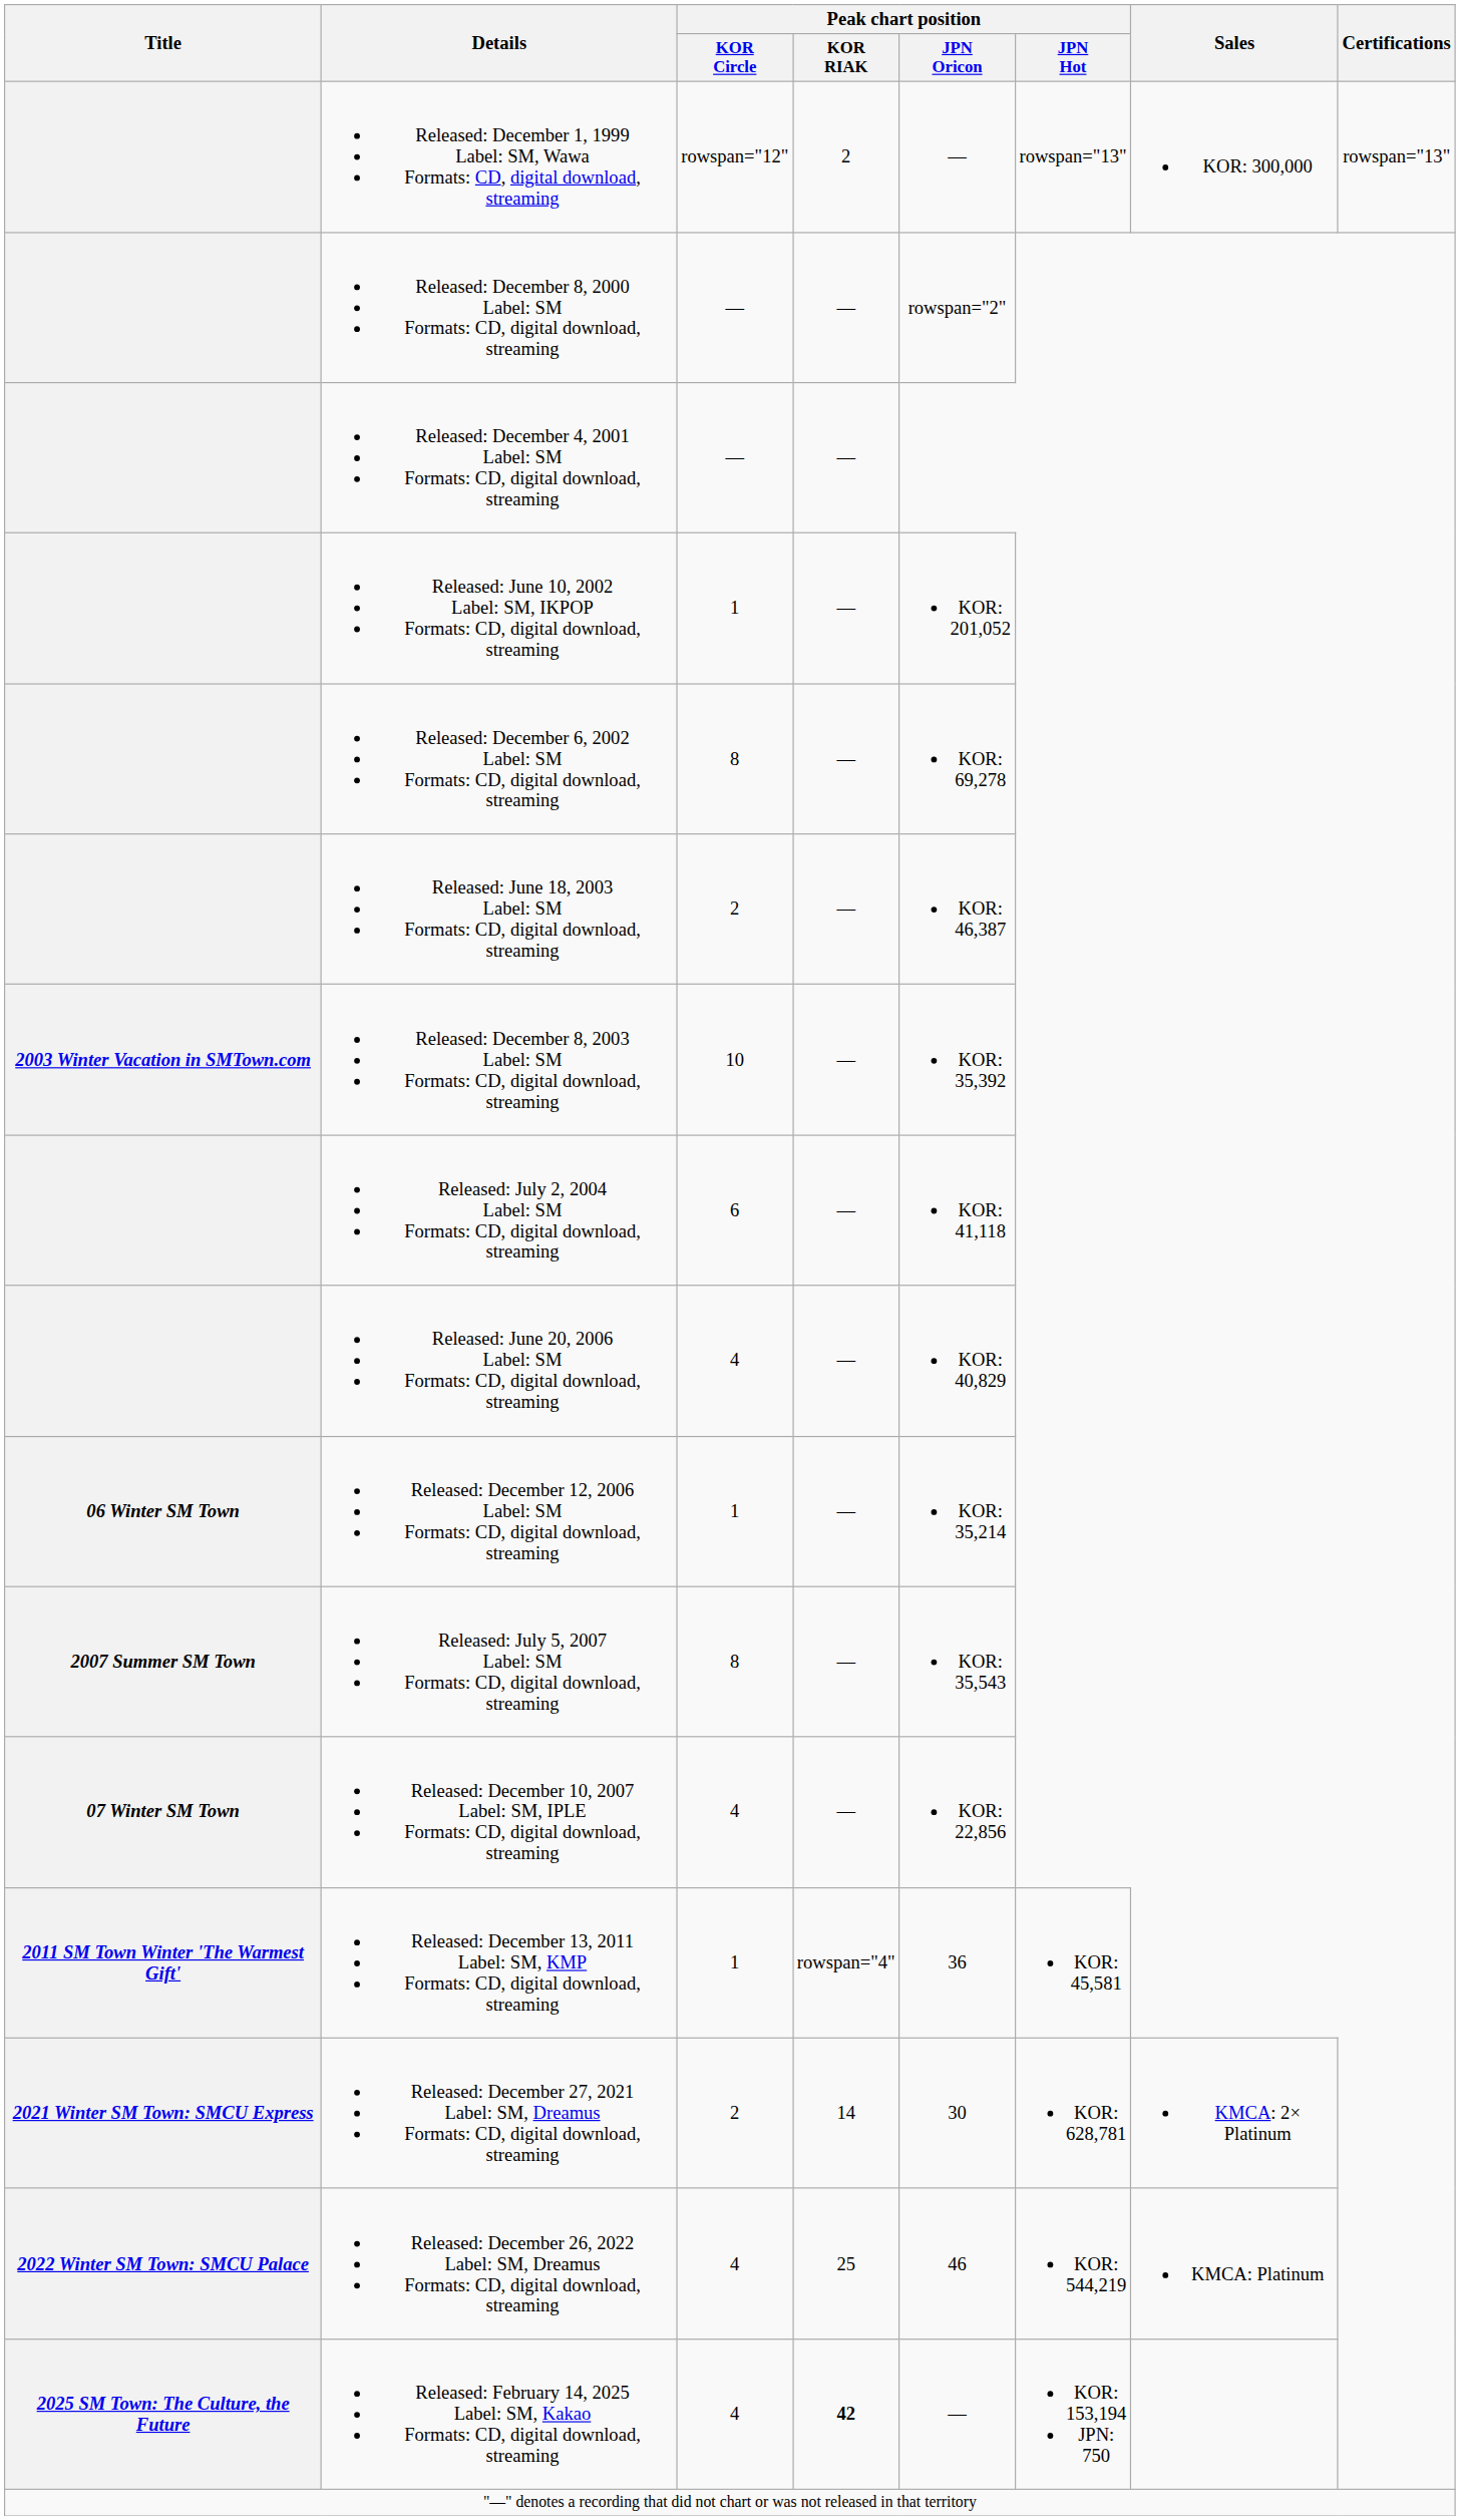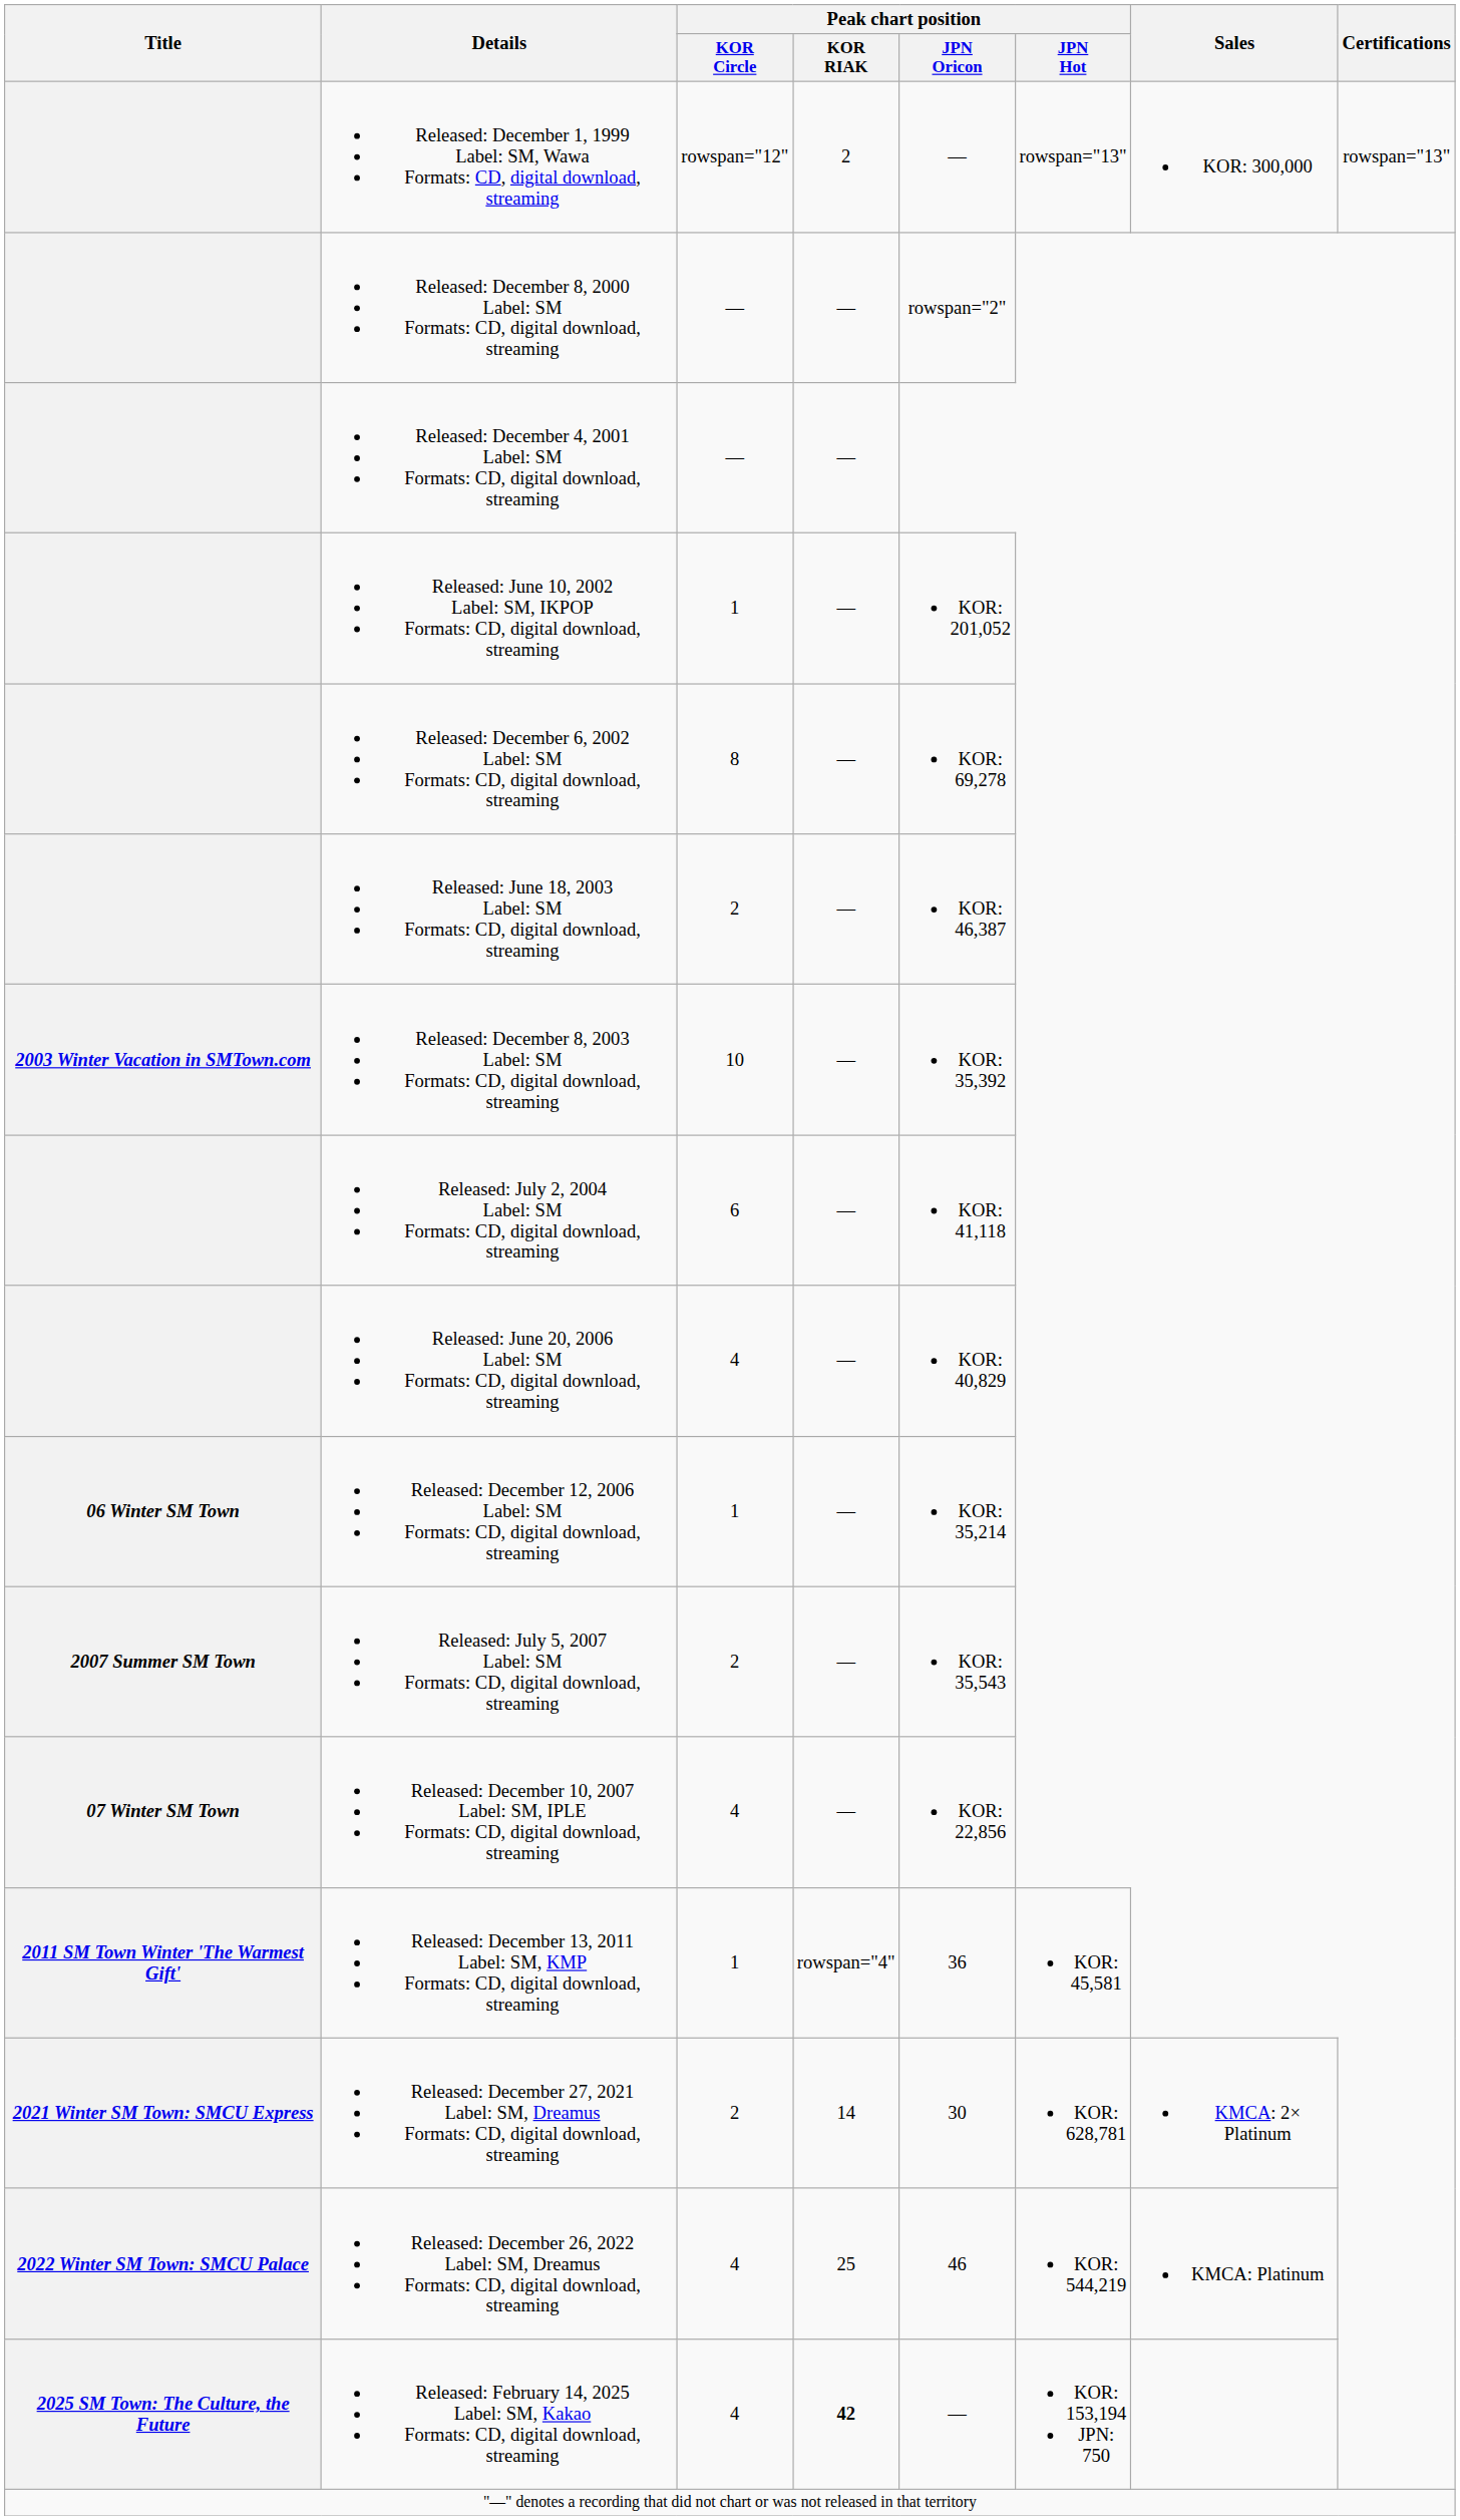 <table class="wikitable plainrowheaders" style="text-align:center">
 <tr>
 <th rowspan="2" scope="col">Title</th>
 <th rowspan="2" scope="col">Details</th>
 <th colspan="4" scope="col">Peak chart position</th>
 <th rowspan="2" scope="col">Sales</th>
 <th rowspan="2" scope="col">Certifications</th>
 </tr>
 <tr>
 <th scope="col" style="font-size:90%; width:2.5em"><a href='#'>KOR<br>Circle</a><br></th>
 <th scope="col" style="font-size:90%; width:2.5em">KOR<br>RIAK<br></th>
 <th scope="col" style="font-size:90%; width:2.5em"><a href='#'>JPN<br>Oricon</a><br></th>
 <th scope="col" style="font-size:90%; width:2.5em"><a href='#'>JPN<br>Hot</a><br></th>
 </tr>
 <tr>
 <th scope="row"><em></em></th>
 <td><br><ul><li>Released: December 1, 1999</li><li>Label: SM, Wawa</li><li>Formats: <a href='#'>CD</a>, <a href='#'>digital download</a>, <a href='#'>streaming</a></li></ul></td>
 <td>rowspan="12" </td>
 <td>2</td>
 <td>—</td>
 <td>rowspan="13" </td>
 <td><br><ul><li>KOR: 300,000</li></ul></td>
 <td>rowspan="13" </td>
 </tr>
 <tr>
 <th scope="row"><em></em></th>
 <td><br><ul><li>Released: December 8, 2000</li><li>Label: SM</li><li>Formats: CD, digital download, streaming</li></ul></td>
 <td>—</td>
 <td>—</td>
 <td>rowspan="2" </td>
 </tr>
 <tr>
 <th scope="row"><em></em></th>
 <td><br><ul><li>Released: December 4, 2001</li><li>Label: SM</li><li>Formats: CD, digital download, streaming</li></ul></td>
 <td>—</td>
 <td>—</td>
 </tr>
 <tr>
 <th scope="row"><em></em></th>
 <td><br><ul><li>Released: June 10, 2002</li><li>Label: SM, IKPOP</li><li>Formats: CD, digital download, streaming</li></ul></td>
 <td>1</td>
 <td>—</td>
 <td><br><ul><li>KOR: 201,052</li></ul></td>
 </tr>
 <tr>
 <th scope="row"><em></em></th>
 <td><br><ul><li>Released: December 6, 2002</li><li>Label: SM</li><li>Formats: CD, digital download, streaming</li></ul></td>
 <td>8</td>
 <td>—</td>
 <td><br><ul><li>KOR: 69,278</li></ul></td>
 </tr>
 <tr>
 <th scope="row"><em></em></th>
 <td><br><ul><li>Released: June 18, 2003</li><li>Label: SM</li><li>Formats: CD, digital download, streaming</li></ul></td>
 <td>2</td>
 <td>—</td>
 <td><br><ul><li>KOR: 46,387</li></ul></td>
 </tr>
 <tr>
 <th scope="row"><em><a href='#'>2003 Winter Vacation in SMTown.com</a></em></th>
 <td><br><ul><li>Released: December 8, 2003</li><li>Label: SM</li><li>Formats: CD, digital download, streaming</li></ul></td>
 <td>10</td>
 <td>—</td>
 <td><br><ul><li>KOR: 35,392</li></ul></td>
 </tr>
 <tr>
 <th scope="row"><em></em></th>
 <td><br><ul><li>Released: July 2, 2004</li><li>Label: SM</li><li>Formats: CD, digital download, streaming</li></ul></td>
 <td>6</td>
 <td>—</td>
 <td><br><ul><li>KOR: 41,118</li></ul></td>
 </tr>
 <tr>
 <th scope="row"><em></em></th>
 <td><br><ul><li>Released: June 20, 2006</li><li>Label: SM</li><li>Formats: CD, digital download, streaming</li></ul></td>
 <td>4</td>
 <td>—</td>
 <td><br><ul><li>KOR: 40,829</li></ul></td>
 </tr>
 <tr>
 <th scope="row"><em>06 Winter SM Town</em></th>
 <td><br><ul><li>Released: December 12, 2006</li><li>Label: SM</li><li>Formats: CD, digital download, streaming</li></ul></td>
 <td>1</td>
 <td>—</td>
 <td><br><ul><li>KOR: 35,214</li></ul></td>
 </tr>
 <tr>
 <th scope="row"><em>2007 Summer SM Town</em></th>
 <td><br><ul><li>Released: July 5, 2007</li><li>Label: SM</li><li>Formats: CD, digital download, streaming</li></ul></td>
-<td>8</td>
+<td>2</td>
 <td>—</td>
 <td><br><ul><li>KOR: 35,543</li></ul></td>
 </tr>
 <tr>
 <th scope="row"><em>07 Winter SM Town</em></th>
 <td><br><ul><li>Released: December 10, 2007</li><li>Label: SM, IPLE</li><li>Formats: CD, digital download, streaming</li></ul></td>
 <td>4</td>
 <td>—</td>
 <td><br><ul><li>KOR: 22,856</li></ul></td>
 </tr>
 <tr>
 <th scope="row"><em><a href='#'>2011 SM Town Winter 'The Warmest Gift'</a></em></th>
 <td><br><ul><li>Released: December 13, 2011</li><li>Label: SM, <a href='#'>KMP</a></li><li>Formats: CD, digital download, streaming</li></ul></td>
 <td>1</td>
 <td>rowspan="4" </td>
 <td>36</td>
 <td><br><ul><li>KOR: 45,581</li></ul></td>
 </tr>
 <tr>
 <th scope="row"><em><a href='#'>2021 Winter SM Town: SMCU Express</a></em></th>
 <td><br><ul><li>Released: December 27, 2021</li><li>Label: SM, <a href='#'>Dreamus</a></li><li>Formats: CD, digital download, streaming</li></ul></td>
 <td>2</td>
 <td>14</td>
 <td>30</td>
 <td><br><ul><li>KOR: 628,781</li></ul></td>
 <td><br><ul><li><a href='#'>KMCA</a>: 2× Platinum</li></ul></td>
 </tr>
 <tr>
 <th scope="row"><em><a href='#'>2022 Winter SM Town: SMCU Palace</a></em></th>
 <td><br><ul><li>Released: December 26, 2022</li><li>Label: SM, Dreamus</li><li>Formats: CD, digital download, streaming</li></ul></td>
 <td>4</td>
 <td>25</td>
 <td>46</td>
 <td><br><ul><li>KOR: 544,219</li></ul></td>
 <td><br><ul><li>KMCA: Platinum</li></ul></td>
 </tr>
 <tr>
 <th scope="row"><em><a href='#'>2025 SM Town: The Culture, the Future</a></em></th>
 <td><br><ul><li>Released: February 14, 2025</li><li>Label: SM, <a href='#'>Kakao</a></li><li>Formats: CD, digital download, streaming</li></ul></td>
 <td>4</td>
 <td><strong>42</strong></td>
 <td>—</td>
 <td><br><ul><li>KOR: 153,194</li><li>JPN: 750</li></ul></td>
 <td></td>
 </tr>
 <tr>
 <td colspan="15" style="font-size:85%">"—" denotes a recording that did not chart or was not released in that territory</td>
 </tr>
 </table>
